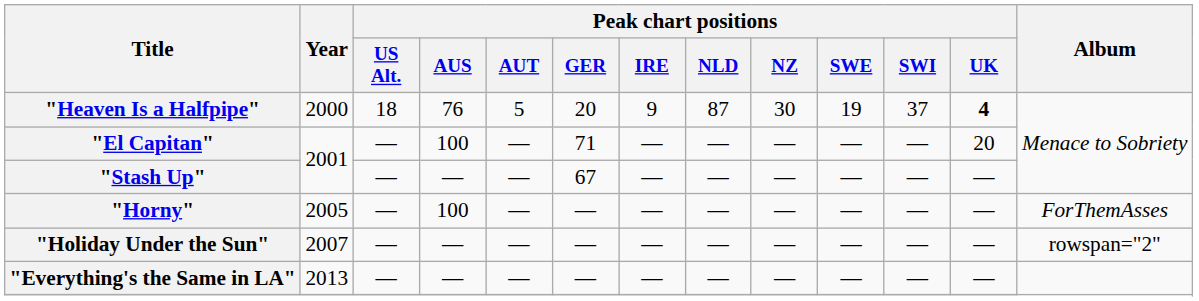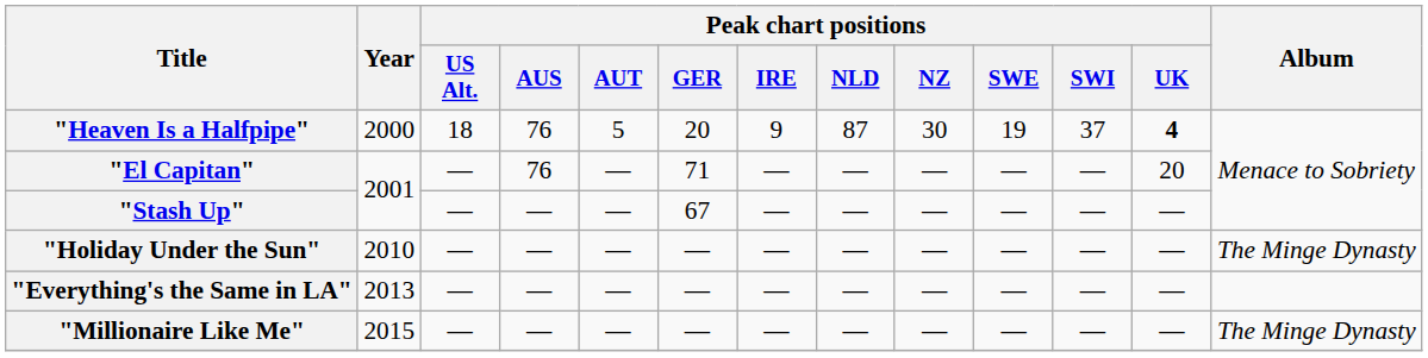 <table class="wikitable plainrowheaders" style="text-align:center;">
 <tr>
 <th scope="col" rowspan="2">Title</th>
 <th scope="col" rowspan="2">Year</th>
 <th scope="col" colspan="10">Peak chart positions</th>
 <th scope="col" rowspan="2">Album</th>
 </tr>
 <tr>
 <th scope="col" style="width:3em;font-size:90%;"><a href='#'>US<br>Alt.</a><br></th>
 <th scope="col" style="width:3em;font-size:90%;"><a href='#'>AUS</a><br></th>
 <th scope="col" style="width:3em;font-size:90%;"><a href='#'>AUT</a><br></th>
 <th scope="col" style="width:3em;font-size:90%;"><a href='#'>GER</a><br></th>
 <th scope="col" style="width:3em;font-size:90%;"><a href='#'>IRE</a><br></th>
 <th scope="col" style="width:3em;font-size:90%;"><a href='#'>NLD</a><br></th>
 <th scope="col" style="width:3em;font-size:90%;"><a href='#'>NZ</a><br></th>
 <th scope="col" style="width:3em; font-size:90%;"><a href='#'>SWE</a><br></th>
 <th scope="col" style="width:3em;font-size:90%;"><a href='#'>SWI</a><br></th>
 <th scope="col" style="width:3em;font-size:90%;"><a href='#'>UK</a><br></th>
 </tr>
 <tr>
 <th scope="row">"<a href='#'>Heaven Is a Halfpipe</a>"</th>
 <td>2000</td>
 <td>18</td>
 <td>76</td>
 <td>5</td>
 <td>20</td>
 <td>9</td>
 <td>87</td>
 <td>30</td>
 <td>19</td>
 <td>37</td>
 <td><strong>4</strong></td>
 <td rowspan="3"><em>Menace to Sobriety</em></td>
 </tr>
 <tr>
 <th scope="row">"<a href='#'>El Capitan</a>"</th>
 <td rowspan="2">2001</td>
 <td>—</td>
-<td>100</td>
+<td>76</td>
 <td>—</td>
 <td>71</td>
 <td>—</td>
 <td>—</td>
 <td>—</td>
 <td>—</td>
 <td>—</td>
 <td>20</td>
 </tr>
 <tr>
 <th scope="row">"<a href='#'>Stash Up</a>"</th>
 <td>—</td>
 <td>—</td>
 <td>—</td>
 <td>67</td>
 <td>—</td>
 <td>—</td>
 <td>—</td>
 <td>—</td>
 <td>—</td>
 <td>—</td>
 </tr>
 <tr>
-<th scope="row">"<a href='#'>Horny</a>"</th>
-<td>2005</td>
-<td>—</td>
-<td>100</td>
-<td>—</td>
-<td>—</td>
-<td>—</td>
-<td>—</td>
-<td>—</td>
-<td>—</td>
-<td>—</td>
-<td>—</td>
-<td><em>ForThemAsses</em></td>
-</tr>
-<tr>
 <th scope="row">"Holiday Under the Sun"</th>
-<td>2007</td>
+<td>2010</td>
 <td>—</td>
 <td>—</td>
 <td>—</td>
 <td>—</td>
 <td>—</td>
 <td>—</td>
 <td>—</td>
 <td>—</td>
 <td>—</td>
 <td>—</td>
-<td>rowspan="2" </td>
+<td><em>The Minge Dynasty</em></td>
 </tr>
 <tr>
 <th scope="row">"Everything's the Same in LA"</th>
 <td>2013</td>
 <td>—</td>
 <td>—</td>
 <td>—</td>
 <td>—</td>
 <td>—</td>
 <td>—</td>
 <td>—</td>
 <td>—</td>
 <td>—</td>
 <td>—</td>
 </tr>
 <tr>
+<th scope="row">"Millionaire Like Me"</th>
+<td>2015</td>
+<td>—</td>
+<td>—</td>
+<td>—</td>
+<td>—</td>
+<td>—</td>
+<td>—</td>
+<td>—</td>
+<td>—</td>
+<td>—</td>
+<td>—</td>
+<td><em>The Minge Dynasty</em></td>
+</tr>
+<tr>
 </tr>
 </table>
